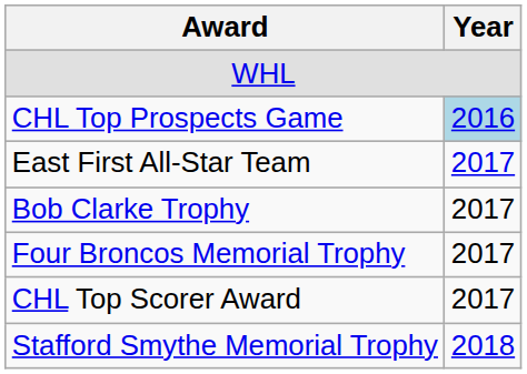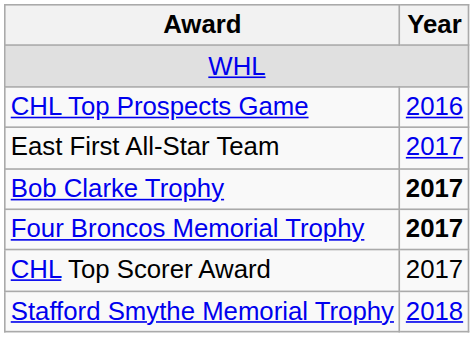 <table class="wikitable">
 <tr>
 <th>Award</th>
 <th>Year</th>
 </tr>
 <tr ALIGN="center" bgcolor="#e0e0e0">
 <td colspan="3"><a href='#'>WHL</a></td>
 </tr>
 <tr>
 <td><a href='#'>CHL Top Prospects Game</a></td>
-<td style="background: lightblue;"><a href='#'>2016</a></td>
+<td><a href='#'>2016</a></td>
 </tr>
 <tr>
 <td>East First All-Star Team</td>
 <td><a href='#'>2017</a></td>
 </tr>
 <tr>
 <td><a href='#'>Bob Clarke Trophy</a></td>
-<td>2017</td>
+<td><strong>2017</strong></td>
 </tr>
 <tr>
 <td><a href='#'>Four Broncos Memorial Trophy</a></td>
-<td>2017</td>
+<td><strong>2017</strong></td>
 </tr>
 <tr>
 <td><a href='#'>CHL</a> Top Scorer Award</td>
 <td>2017</td>
 </tr>
 <tr>
 <td><a href='#'>Stafford Smythe Memorial Trophy</a></td>
 <td><a href='#'>2018</a></td>
 </tr>
 </table>
